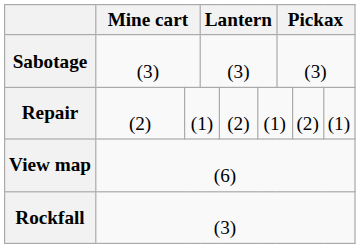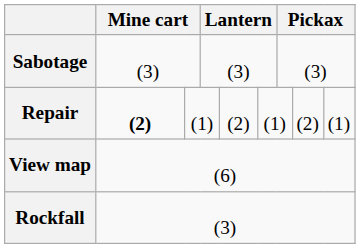 <table class="wikitable" style="font-size:100%;text-align:center;">
 <tr>
 <th></th>
 <th colspan=2>Mine cart</th>
 <th colspan=3>Lantern</th>
 <th colspan=3>Pickax</th>
 </tr>
 <tr>
 <th>Sabotage</th>
 <td colspan=2><br>(3)</td>
 <td colspan=3><br>(3)</td>
 <td colspan=3><br>(3)</td>
 </tr>
 <tr>
 <th>Repair</th>
-<td><br>(2)</td>
+<td><strong><br>(2)</strong></td>
 <td colspan=2><br>(1)</td>
 <td><br>(2)</td>
 <td colspan=2><br>(1)</td>
 <td><br>(2)</td>
 <td><br>(1)</td>
 </tr>
 <tr>
 <th>View map</th>
 <td colspan=8><br>(6)</td>
 </tr>
 <tr>
 <th>Rockfall</th>
 <td colspan=8><br>(3)</td>
 </tr>
 </table>
